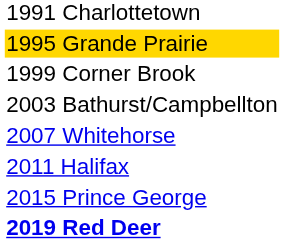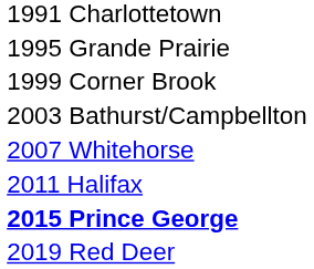 <table>
 <tr>
 <td>1991 Charlottetown</td>
 <td></td>
 <td></td>
 <td></td>
 </tr>
 <tr>
-<td style="background: gold;">1995 Grande Prairie</td>
+<td>1995 Grande Prairie</td>
 <td></td>
 <td></td>
 <td></td>
 </tr>
 <tr>
 <td>1999 Corner Brook</td>
 <td></td>
 <td></td>
 <td></td>
 </tr>
 <tr>
 <td>2003 Bathurst/Campbellton</td>
 <td></td>
 <td></td>
 <td></td>
 </tr>
 <tr>
 <td><a href='#'>2007 Whitehorse</a></td>
 <td></td>
 <td></td>
 <td></td>
 </tr>
 <tr>
 <td><a href='#'>2011 Halifax</a></td>
 <td></td>
 <td></td>
 <td></td>
 </tr>
 <tr>
-<td><a href='#'>2015 Prince George</a></td>
+<td><strong><a href='#'>2015 Prince George</a></strong></td>
 <td></td>
 <td></td>
 <td></td>
 </tr>
 <tr>
-<td><strong><a href='#'>2019 Red Deer</a></strong></td>
+<td><a href='#'>2019 Red Deer</a></td>
 <td></td>
 <td></td>
 <td></td>
 </tr>
 </table>
